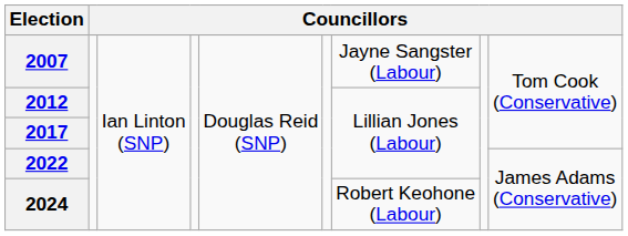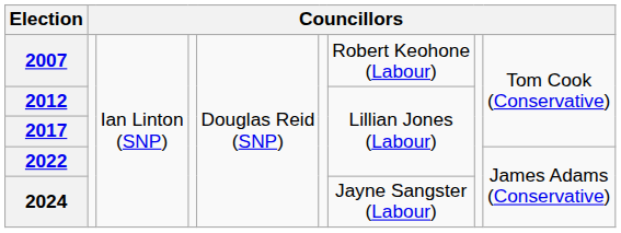 <table class="wikitable" style="text-align:center">
 <tr>
 <th>Election</th>
 <th colspan=8>Councillors</th>
 </tr>
 <tr>
 <th><a href='#'>2007</a></th>
 <td rowspan=5; style="background-color: "></td>
 <td rowspan=5>Ian Linton<br>(<a href='#'>SNP</a>)</td>
 <td rowspan=5; style="background-color: "></td>
 <td rowspan=5>Douglas Reid<br>(<a href='#'>SNP</a>)</td>
 <td rowspan=5; style="background-color: "></td>
-<td>Jayne Sangster<br>(<a href='#'>Labour</a>)</td>
+<td>Robert Keohone<br>(<a href='#'>Labour</a>)</td>
 <td rowspan=5; style="background-color: "></td>
 <td rowspan=3>Tom Cook<br>(<a href='#'>Conservative</a>)</td>
 </tr>
 <tr>
 <th><a href='#'>2012</a></th>
 <td rowspan=3>Lillian Jones<br>(<a href='#'>Labour</a>)</td>
 </tr>
 <tr>
 <th><a href='#'>2017</a></th>
 </tr>
 <tr>
 <th><a href='#'>2022</a></th>
 <td rowspan=2>James Adams<br>(<a href='#'>Conservative</a>)</td>
 </tr>
 <tr>
 <th>2024</th>
-<td>Robert Keohone<br>(<a href='#'>Labour</a>)</td>
+<td>Jayne Sangster<br>(<a href='#'>Labour</a>)</td>
 </tr>
 </table>
